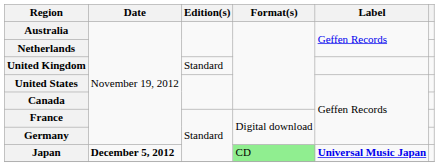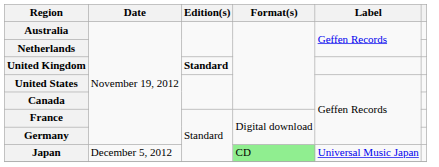 <table class="wikitable plainrowheaders">
 <tr>
 <th scope="col">Region</th>
 <th scope="col">Date</th>
 <th scope="col">Edition(s)</th>
 <th scope="col">Format(s)</th>
 <th scope="col">Label</th>
 <th scope="col"></th>
 </tr>
 <tr>
 <th scope="row">Australia</th>
 <td rowspan="7">November 19, 2012</td>
 <td rowspan="2"></td>
 <td rowspan="5"></td>
 <td rowspan="2"><a href='#'>Geffen Records</a></td>
 <td style="text-align:center;"></td>
 </tr>
 <tr>
 <th scope="row">Netherlands</th>
 <td style="text-align:center;"></td>
 </tr>
 <tr>
 <th scope="row">United Kingdom</th>
-<td>Standard</td>
+<td><strong>Standard</strong></td>
 <td></td>
 <td style="text-align:center;"></td>
 </tr>
 <tr>
 <th scope="row">United States</th>
 <td rowspan="2"></td>
 <td rowspan="4">Geffen Records</td>
 <td style="text-align:center;"></td>
 </tr>
 <tr>
 <th scope="row">Canada</th>
 <td style="text-align:center;"></td>
 </tr>
 <tr>
 <th scope="row">France</th>
 <td rowspan="3">Standard</td>
 <td rowspan="2">Digital download</td>
 <td style="text-align:center;"></td>
 </tr>
 <tr>
 <th scope="row">Germany</th>
 <td style="text-align:center;"></td>
 </tr>
 <tr>
 <th scope="row">Japan</th>
-<td><strong>December 5, 2012</strong></td>
+<td>December 5, 2012</td>
 <td style="background: lightgreen;">CD</td>
-<td><strong><a href='#'>Universal Music Japan</a></strong></td>
+<td><a href='#'>Universal Music Japan</a></td>
 <td style="text-align:center;"></td>
 </tr>
 <tr>
 </tr>
 </table>
